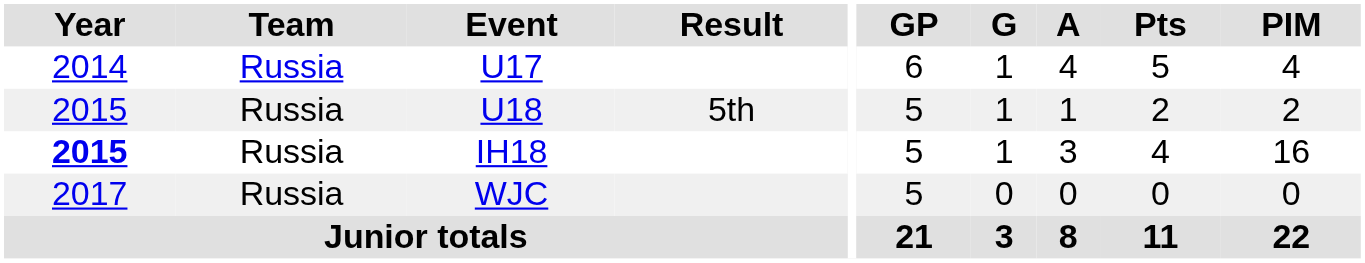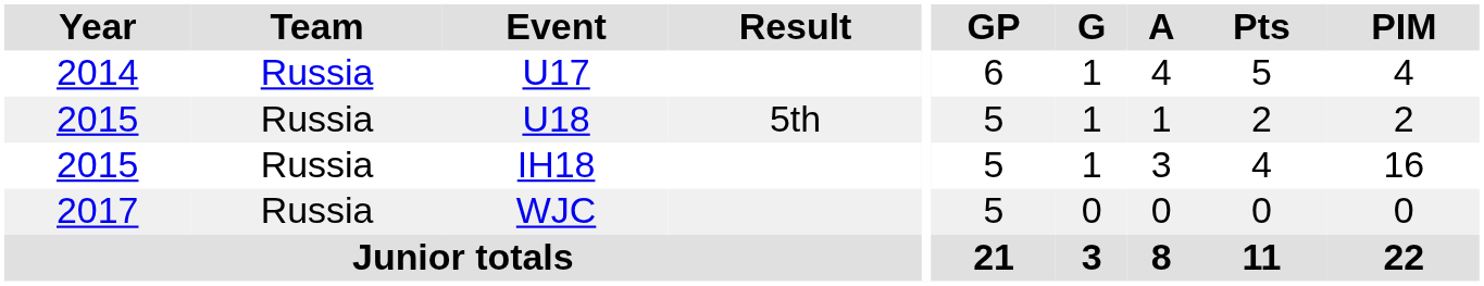 <table border="0" cellpadding="1" cellspacing="0" ID="Table3" style="text-align:center; width:40em">
 <tr ALIGN="center" bgcolor="#e0e0e0">
 <th>Year</th>
 <th>Team</th>
 <th>Event</th>
 <th>Result</th>
 <th rowspan="99" bgcolor="#ffffff"></th>
 <th>GP</th>
 <th>G</th>
 <th>A</th>
 <th>Pts</th>
 <th>PIM</th>
 </tr>
 <tr>
 <td><a href='#'>2014</a></td>
 <td><a href='#'>Russia</a></td>
 <td><a href='#'>U17</a></td>
 <td></td>
 <td>6</td>
 <td>1</td>
 <td>4</td>
 <td>5</td>
 <td>4</td>
 </tr>
 <tr bgcolor="#f0f0f0">
 <td><a href='#'>2015</a></td>
 <td>Russia</td>
 <td><a href='#'>U18</a></td>
 <td>5th</td>
 <td>5</td>
 <td>1</td>
 <td>1</td>
 <td>2</td>
 <td>2</td>
 </tr>
 <tr>
-<td><strong><a href='#'>2015</a></strong></td>
+<td><a href='#'>2015</a></td>
 <td>Russia</td>
 <td><a href='#'>IH18</a></td>
 <td></td>
 <td>5</td>
 <td>1</td>
 <td>3</td>
 <td>4</td>
 <td>16</td>
 </tr>
 <tr bgcolor="#f0f0f0">
 <td><a href='#'>2017</a></td>
 <td>Russia</td>
 <td><a href='#'>WJC</a></td>
 <td></td>
 <td>5</td>
 <td>0</td>
 <td>0</td>
 <td>0</td>
 <td>0</td>
 </tr>
 <tr>
 </tr>
 <tr ALIGN="center" bgcolor="#e0e0e0">
 <th colspan=4>Junior totals</th>
 <th>21</th>
 <th>3</th>
 <th>8</th>
 <th>11</th>
 <th>22</th>
 </tr>
 </table>
